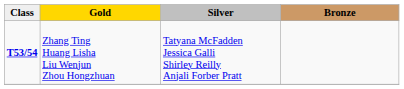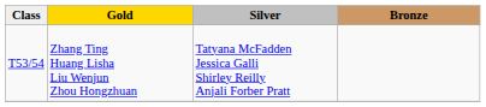 <table class="wikitable" style="text-align:left">
 <tr align="center">
 <td bgcolor=efefef><strong>Class</strong></td>
 <td width=200 bgcolor=gold><strong>Gold</strong></td>
 <td width=200 bgcolor=silver><strong>Silver</strong></td>
 <td width=200 bgcolor=CC9966><strong>Bronze</strong></td>
 </tr>
 <tr>
-<td><strong><a href='#'>T53/54</a></strong></td>
+<td><a href='#'>T53/54</a></td>
 <td><em></em><br><a href='#'>Zhang Ting</a><br><a href='#'>Huang Lisha</a><br><a href='#'>Liu Wenjun</a><br><a href='#'>Zhou Hongzhuan</a></td>
 <td><em></em><br><a href='#'>Tatyana McFadden</a><br><a href='#'>Jessica Galli</a><br><a href='#'>Shirley Reilly</a><br><a href='#'>Anjali Forber Pratt</a></td>
 <td></td>
 </tr>
 <tr>
 </tr>
 </table>
